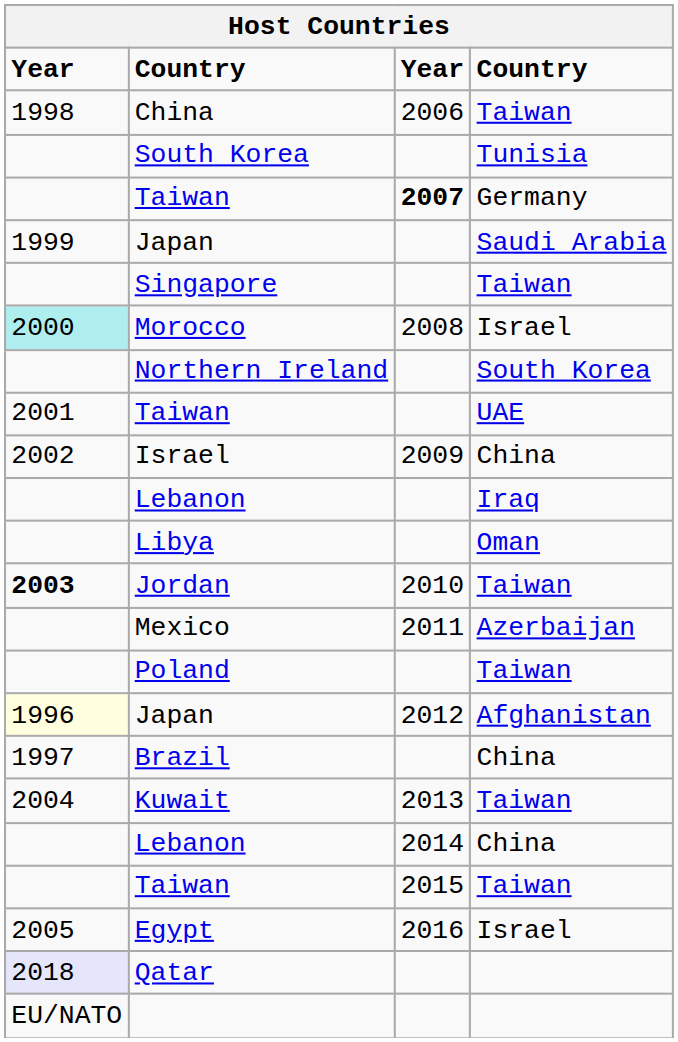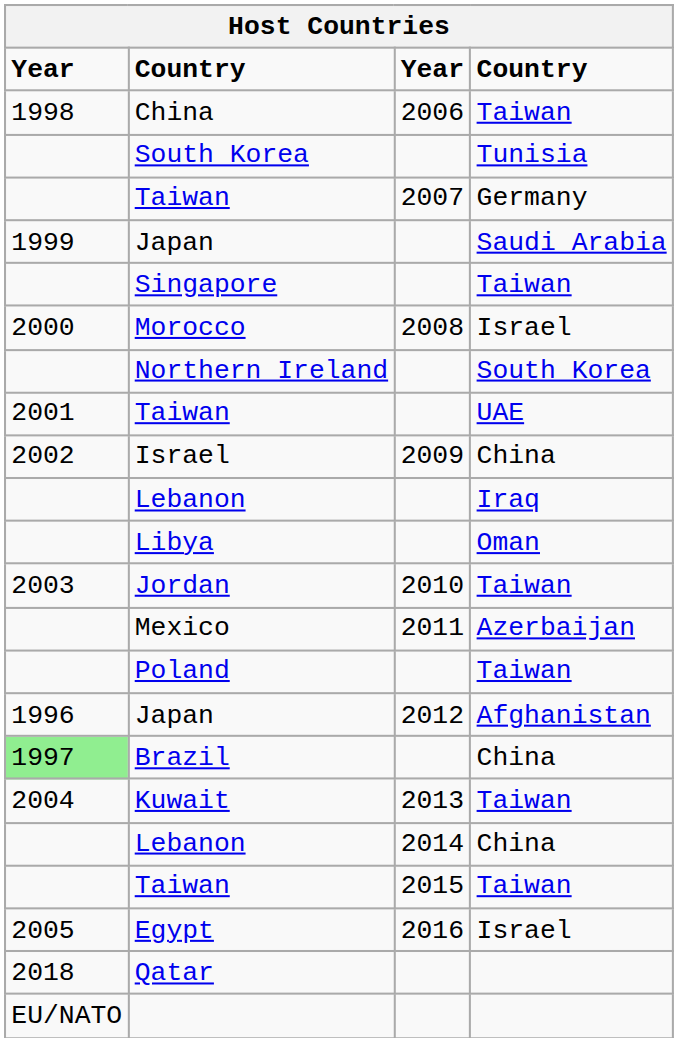 <table class="wikitable">
 <tr>
 <th colspan="4">Host Countries</th>
 </tr>
 <tr>
 <td><div><strong>Year</strong></div></td>
 <td><div><strong>Country</strong></div></td>
 <td><div><strong>Year</strong></div></td>
 <td><div><strong>Country</strong></div></td>
 </tr>
 <tr>
 <td>1998</td>
 <td>China</td>
 <td>2006</td>
 <td><a href='#'>Taiwan</a></td>
 </tr>
 <tr>
 <td></td>
 <td><a href='#'>South Korea</a></td>
 <td></td>
 <td><a href='#'>Tunisia</a></td>
 </tr>
 <tr>
 <td></td>
 <td><a href='#'>Taiwan</a></td>
-<td><strong>2007</strong></td>
+<td>2007</td>
 <td>Germany</td>
 </tr>
 <tr>
 <td>1999</td>
 <td>Japan</td>
 <td></td>
 <td><a href='#'>Saudi Arabia</a></td>
 </tr>
 <tr>
 <td></td>
 <td><a href='#'>Singapore</a></td>
 <td></td>
 <td><a href='#'>Taiwan</a></td>
 </tr>
 <tr>
-<td style="background: paleturquoise;">2000</td>
+<td>2000</td>
 <td><a href='#'>Morocco</a></td>
 <td>2008</td>
 <td>Israel</td>
 </tr>
 <tr>
 <td></td>
 <td><a href='#'>Northern Ireland</a></td>
 <td></td>
 <td><a href='#'>South Korea</a></td>
 </tr>
 <tr>
 <td>2001</td>
 <td><a href='#'>Taiwan</a></td>
 <td></td>
 <td><a href='#'>UAE</a></td>
 </tr>
 <tr>
 <td>2002</td>
 <td>Israel</td>
 <td>2009</td>
 <td>China</td>
 </tr>
 <tr>
 <td></td>
 <td><a href='#'>Lebanon</a></td>
 <td></td>
 <td><a href='#'>Iraq</a></td>
 </tr>
 <tr>
 <td></td>
 <td><a href='#'>Libya</a></td>
 <td></td>
 <td><a href='#'>Oman</a></td>
 </tr>
 <tr>
-<td><strong>2003</strong></td>
+<td>2003</td>
 <td><a href='#'>Jordan</a></td>
 <td>2010</td>
 <td><a href='#'>Taiwan</a></td>
 </tr>
 <tr>
 <td></td>
 <td>Mexico</td>
 <td>2011</td>
 <td><a href='#'>Azerbaijan</a></td>
 </tr>
 <tr>
 <td></td>
 <td><a href='#'>Poland</a></td>
 <td></td>
 <td><a href='#'>Taiwan</a></td>
 </tr>
 <tr>
-<td style="background: lightyellow;">1996</td>
+<td>1996</td>
 <td>Japan</td>
 <td>2012</td>
 <td><a href='#'>Afghanistan</a></td>
 </tr>
 <tr>
-<td>1997</td>
+<td style="background: lightgreen;">1997</td>
 <td><a href='#'>Brazil</a></td>
 <td></td>
 <td>China</td>
 </tr>
 <tr>
 <td>2004</td>
 <td><a href='#'>Kuwait</a></td>
 <td>2013</td>
 <td><a href='#'>Taiwan</a></td>
 </tr>
 <tr>
 <td></td>
 <td><a href='#'>Lebanon</a></td>
 <td>2014</td>
 <td>China</td>
 </tr>
 <tr>
 <td></td>
 <td><a href='#'>Taiwan</a></td>
 <td>2015</td>
 <td><a href='#'>Taiwan</a></td>
 </tr>
 <tr>
 <td>2005</td>
 <td><a href='#'>Egypt</a></td>
 <td>2016</td>
 <td>Israel</td>
 </tr>
 <tr>
-<td style="background: lavender;">2018</td>
+<td>2018</td>
 <td><a href='#'>Qatar</a></td>
 <td></td>
 <td></td>
 </tr>
 <tr>
 <td>EU/NATO</td>
 <td></td>
 <td></td>
 <td></td>
 </tr>
 </table>
